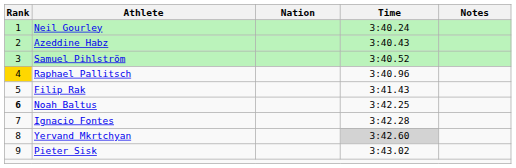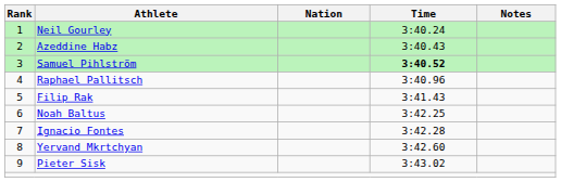 <table class="wikitable sortable" style="text-align:center;width: 55%;">
 <tr>
 <th scope="col" style="width: 10px;">Rank</th>
 <th scope="col">Athlete</th>
 <th scope="col">Nation</th>
 <th scope="col">Time</th>
 <th scope="col">Notes</th>
 </tr>
 <tr bgcolor=bbf3bb>
 <td>1</td>
 <td align=left><a href='#'>Neil Gourley</a></td>
 <td align=left></td>
 <td>3:40.24</td>
 <td></td>
 </tr>
 <tr bgcolor=bbf3bb>
 <td>2</td>
 <td align=left><a href='#'>Azeddine Habz</a></td>
 <td align=left></td>
 <td>3:40.43</td>
 <td></td>
 </tr>
 <tr bgcolor=bbf3bb>
 <td>3</td>
 <td align=left><a href='#'>Samuel Pihlström</a></td>
 <td align=left></td>
-<td>3:40.52</td>
+<td><strong>3:40.52</strong></td>
 <td></td>
 </tr>
 <tr>
-<td style="background: gold;">4</td>
+<td>4</td>
 <td align=left><a href='#'>Raphael Pallitsch</a></td>
 <td align=left></td>
 <td>3:40.96</td>
 <td></td>
 </tr>
 <tr>
 <td>5</td>
 <td align=left><a href='#'>Filip Rak</a></td>
 <td align=left></td>
 <td>3:41.43</td>
 <td></td>
 </tr>
 <tr>
-<td><strong>6</strong></td>
+<td>6</td>
 <td align=left><a href='#'>Noah Baltus</a></td>
 <td align=left></td>
 <td>3:42.25</td>
 <td></td>
 </tr>
 <tr>
 <td>7</td>
 <td align=left><a href='#'>Ignacio Fontes</a></td>
 <td align=left></td>
 <td>3:42.28</td>
 <td></td>
 </tr>
 <tr>
 <td>8</td>
 <td align=left><a href='#'>Yervand Mkrtchyan</a></td>
 <td align=left></td>
-<td style="background: lightgrey;">3:42.60</td>
+<td>3:42.60</td>
 <td></td>
 </tr>
 <tr>
 <td>9</td>
 <td align=left><a href='#'>Pieter Sisk</a></td>
 <td align=left></td>
 <td>3:43.02</td>
 <td></td>
 </tr>
 <tr class="sortbottom">
 <td colspan="5"></td>
 </tr>
 </table>
